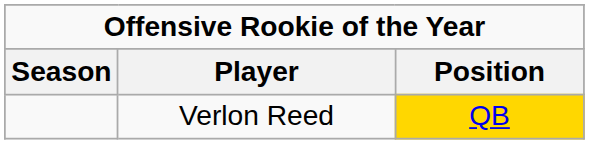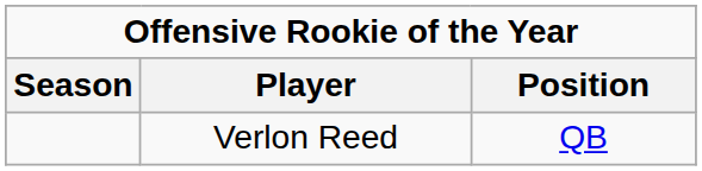 <table class="wikitable sortable" style="text-align:center">
 <tr>
 <td colspan="4"><strong>Offensive Rookie of the Year</strong></td>
 </tr>
 <tr>
 <th style="width:50px; ">Season</th>
 <th style="width:150px; ">Player</th>
 <th style="width:100px; ">Position</th>
 </tr>
 <tr>
 <td></td>
 <td>Verlon Reed</td>
-<td style="background: gold;"><a href='#'>QB</a></td>
+<td><a href='#'>QB</a></td>
 </tr>
 </table>
